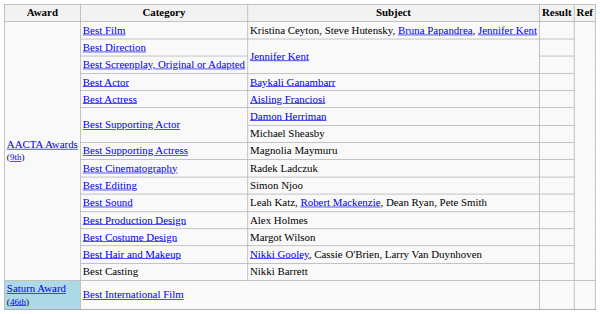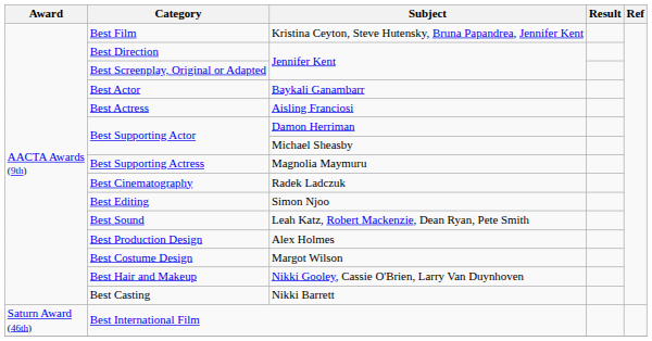 <table class=wikitable>
 <tr>
 <th>Award</th>
 <th>Category</th>
 <th>Subject</th>
 <th>Result</th>
 <th>Ref</th>
 </tr>
 <tr>
 <td rowspan=15><a href='#'>AACTA Awards</a><br><small>(<a href='#'>9th</a>)</small></td>
 <td><a href='#'>Best Film</a></td>
 <td>Kristina Ceyton, Steve Hutensky, <a href='#'>Bruna Papandrea</a>, <a href='#'>Jennifer Kent</a></td>
 <td></td>
 <td rowspan=15></td>
 </tr>
 <tr>
 <td><a href='#'>Best Direction</a></td>
 <td rowspan=2><a href='#'>Jennifer Kent</a></td>
 <td></td>
 </tr>
 <tr>
 <td><a href='#'>Best Screenplay, Original or Adapted</a></td>
 <td></td>
 </tr>
 <tr>
 <td><a href='#'>Best Actor</a></td>
 <td><a href='#'>Baykali Ganambarr</a></td>
 <td></td>
 </tr>
 <tr>
 <td><a href='#'>Best Actress</a></td>
 <td><a href='#'>Aisling Franciosi</a></td>
 <td></td>
 </tr>
 <tr>
 <td rowspan=2><a href='#'>Best Supporting Actor</a></td>
 <td><a href='#'>Damon Herriman</a></td>
 <td></td>
 </tr>
 <tr>
 <td>Michael Sheasby</td>
 <td></td>
 </tr>
 <tr>
 <td><a href='#'>Best Supporting Actress</a></td>
 <td>Magnolia Maymuru</td>
 <td></td>
 </tr>
 <tr>
 <td><a href='#'>Best Cinematography</a></td>
 <td>Radek Ladczuk</td>
 <td></td>
 </tr>
 <tr>
 <td><a href='#'>Best Editing</a></td>
 <td>Simon Njoo</td>
 <td></td>
 </tr>
 <tr>
 <td><a href='#'>Best Sound</a></td>
 <td>Leah Katz, <a href='#'>Robert Mackenzie</a>, Dean Ryan, Pete Smith</td>
 <td></td>
 </tr>
 <tr>
 <td><a href='#'>Best Production Design</a></td>
 <td>Alex Holmes</td>
 <td></td>
 </tr>
 <tr>
 <td><a href='#'>Best Costume Design</a></td>
 <td>Margot Wilson</td>
 <td></td>
 </tr>
 <tr>
 <td><a href='#'>Best Hair and Makeup</a></td>
 <td><a href='#'>Nikki Gooley</a>, Cassie O'Brien, Larry Van Duynhoven</td>
 <td></td>
 </tr>
 <tr>
 <td>Best Casting</td>
 <td>Nikki Barrett</td>
 <td></td>
 </tr>
 <tr>
-<td style="background: lightblue;"><a href='#'>Saturn Award</a><br><small>(<a href='#'>46th</a>)</small></td>
+<td><a href='#'>Saturn Award</a><br><small>(<a href='#'>46th</a>)</small></td>
 <td colspan=2><a href='#'>Best International Film</a></td>
 <td></td>
 <td></td>
 </tr>
 <tr>
 </tr>
 </table>
